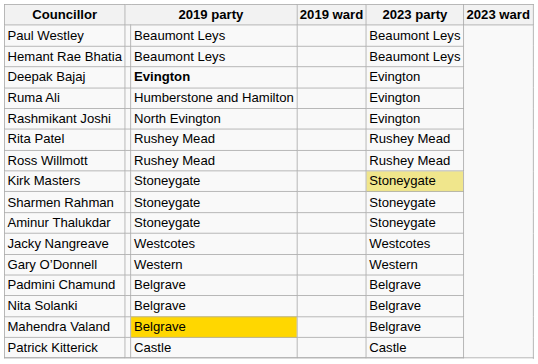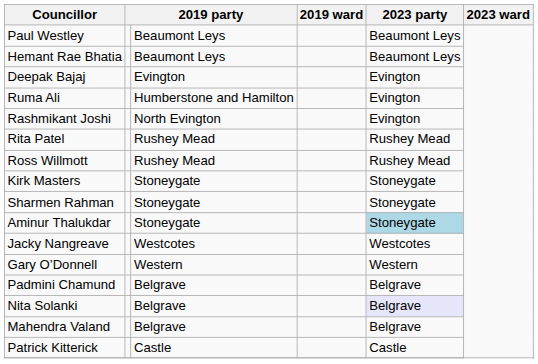 <table class="wikitable sortable">
 <tr>
 <th>Councillor</th>
 <th colspan="2">2019 party</th>
 <th>2019 ward</th>
 <th colspan="2">2023 party</th>
 <th>2023 ward</th>
 </tr>
 <tr>
 <td>Paul Westley</td>
 <td></td>
 <td>Beaumont Leys</td>
 <td></td>
 <td>Beaumont Leys</td>
 </tr>
 <tr>
 <td>Hemant Rae Bhatia</td>
 <td></td>
 <td>Beaumont Leys</td>
 <td></td>
 <td>Beaumont Leys</td>
 </tr>
 <tr>
 <td>Deepak Bajaj</td>
 <td></td>
-<td><strong>Evington</strong></td>
+<td>Evington</td>
 <td></td>
 <td>Evington</td>
 </tr>
 <tr>
 <td>Ruma Ali</td>
 <td></td>
 <td>Humberstone and Hamilton</td>
 <td></td>
 <td>Evington</td>
 </tr>
 <tr>
 <td>Rashmikant Joshi</td>
 <td></td>
 <td>North Evington</td>
 <td></td>
 <td>Evington</td>
 </tr>
 <tr>
 <td>Rita Patel</td>
 <td></td>
 <td>Rushey Mead</td>
 <td></td>
 <td>Rushey Mead</td>
 </tr>
 <tr>
 <td>Ross Willmott</td>
 <td></td>
 <td>Rushey Mead</td>
 <td></td>
 <td>Rushey Mead</td>
 </tr>
 <tr>
 <td>Kirk Masters</td>
 <td></td>
 <td>Stoneygate</td>
 <td></td>
-<td style="background: khaki;">Stoneygate</td>
+<td>Stoneygate</td>
 </tr>
 <tr>
 <td>Sharmen Rahman</td>
 <td></td>
 <td>Stoneygate</td>
 <td></td>
 <td>Stoneygate</td>
 </tr>
 <tr>
 <td>Aminur Thalukdar</td>
 <td></td>
 <td>Stoneygate</td>
 <td></td>
-<td>Stoneygate</td>
+<td style="background: lightblue;">Stoneygate</td>
 </tr>
 <tr>
 <td>Jacky Nangreave</td>
 <td></td>
 <td>Westcotes</td>
 <td></td>
 <td>Westcotes</td>
 </tr>
 <tr>
 <td>Gary O’Donnell</td>
 <td></td>
 <td>Western</td>
 <td></td>
 <td>Western</td>
 </tr>
 <tr>
 <td>Padmini Chamund</td>
 <td></td>
 <td>Belgrave</td>
 <td></td>
 <td>Belgrave</td>
 </tr>
 <tr>
 <td>Nita Solanki</td>
 <td></td>
 <td>Belgrave</td>
 <td></td>
-<td>Belgrave</td>
+<td style="background: lavender;">Belgrave</td>
 </tr>
 <tr>
 <td>Mahendra Valand</td>
 <td></td>
-<td style="background: gold;">Belgrave</td>
+<td>Belgrave</td>
 <td></td>
 <td>Belgrave</td>
 </tr>
 <tr>
 <td>Patrick Kitterick</td>
 <td></td>
 <td>Castle</td>
 <td></td>
 <td>Castle</td>
 </tr>
 <tr>
 </tr>
 </table>
